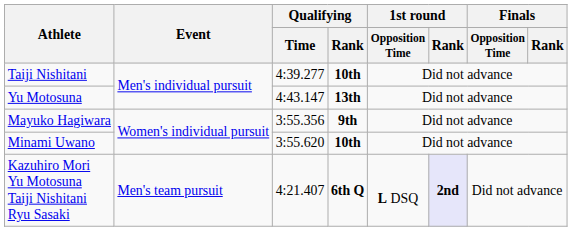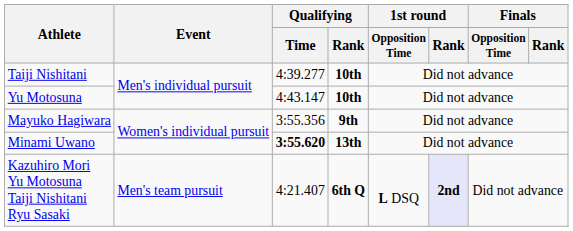 <table class=wikitable style="font-size:90%">
 <tr>
 <th rowspan="2">Athlete</th>
 <th rowspan="2">Event</th>
 <th colspan="2">Qualifying</th>
 <th colspan="2">1st round</th>
 <th colspan="2">Finals</th>
 </tr>
 <tr>
 <th>Time</th>
 <th>Rank</th>
 <th style="line-height:1em"><small>Opposition<br>Time</small></th>
 <th>Rank</th>
 <th style="line-height:1em"><small>Opposition<br>Time</small></th>
 <th>Rank</th>
 </tr>
 <tr>
 <td><a href='#'>Taiji Nishitani</a></td>
 <td rowspan=2><a href='#'>Men's individual pursuit</a></td>
 <td align=center>4:39.277</td>
 <td align=center><strong>10th</strong></td>
 <td style="text-align:center;" colspan="7">Did not advance</td>
 </tr>
 <tr>
 <td><a href='#'>Yu Motosuna</a></td>
 <td align=center>4:43.147</td>
-<td align=center><strong>13th</strong></td>
+<td align=center><strong>10th</strong></td>
 <td style="text-align:center;" colspan="7">Did not advance</td>
 </tr>
 <tr>
 <td><a href='#'>Mayuko Hagiwara</a></td>
 <td rowspan=2><a href='#'>Women's individual pursuit</a></td>
 <td align=center>3:55.356</td>
 <td align=center><strong>9th</strong></td>
 <td style="text-align:center;" colspan="7">Did not advance</td>
 </tr>
 <tr>
 <td><a href='#'>Minami Uwano</a></td>
-<td align=center>3:55.620</td>
-<td align=center><strong>10th</strong></td>
+<td align=center><strong>3:55.620</strong></td>
+<td align=center><strong>13th</strong></td>
 <td style="text-align:center;" colspan="7">Did not advance</td>
 </tr>
 <tr>
 <td><a href='#'>Kazuhiro Mori</a><br><a href='#'>Yu Motosuna</a><br><a href='#'>Taiji Nishitani</a><br><a href='#'>Ryu Sasaki</a></td>
 <td><a href='#'>Men's team pursuit</a></td>
 <td align=center>4:21.407</td>
 <td align=center><strong>6th Q</strong></td>
 <td align=center><br><strong>L</strong> DSQ</td>
 <td align=center style="background: lavender;"><strong>2nd</strong></td>
 <td style="text-align:center;" colspan="7">Did not advance</td>
 </tr>
 </table>
